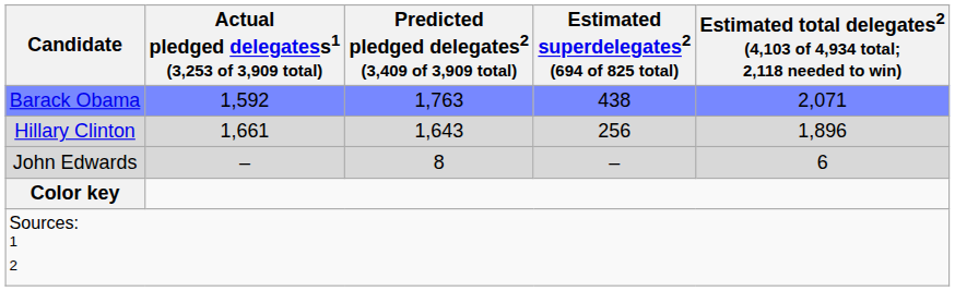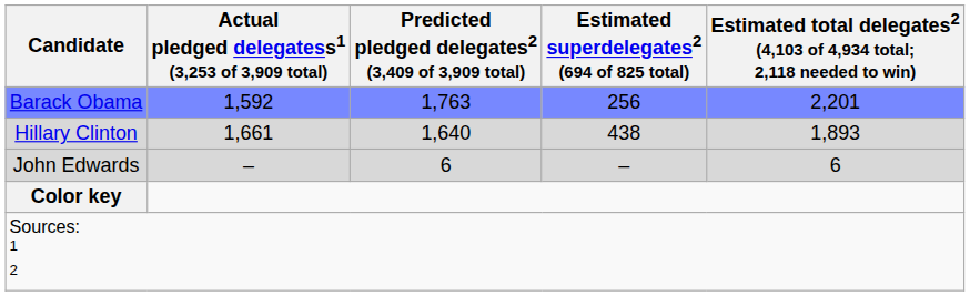 <table class="wikitable" style="margin: 1em auto; text-align:center;">
 <tr>
 <th>Candidate</th>
 <th>Actual<br>pledged <a href='#'>delegates</a>s<sup>1</sup><br><small>(3,253 of 3,909 total)</small></th>
 <th>Predicted<br>pledged delegates<sup>2</sup><br><small>(3,409 of 3,909 total)</small></th>
 <th>Estimated<br><a href='#'>superdelegates</a><sup>2</sup><br><small>(694 of 825 total)</small></th>
 <th>Estimated total delegates<sup>2</sup><br><small>(4,103 of 4,934 total;<br>2,118 needed to win)</small></th>
 </tr>
 <tr style="background:#7788FF;">
 <td><a href='#'>Barack Obama</a></td>
 <td>1,592</td>
 <td>1,763</td>
-<td>438</td>
-<td>2,071</td>
+<td>256</td>
+<td>2,201</td>
 </tr>
 <tr style="background:#D8D8D8;">
 <td><a href='#'>Hillary Clinton</a></td>
 <td>1,661</td>
-<td>1,643</td>
-<td>256</td>
-<td>1,896</td>
+<td>1,640</td>
+<td>438</td>
+<td>1,893</td>
 </tr>
 <tr style="background:#D8D8D8;">
 <td>John Edwards</td>
 <td>–</td>
-<td>8</td>
+<td>6</td>
 <td>–</td>
 <td>6</td>
 </tr>
 <tr>
 <th>Color key</th>
 <td colspan="4" style="text-align:left;"><br> </td>
 </tr>
 <tr>
 <td colspan="5" style="text-align:left;font-size:90%;">Sources:<br><sup>1</sup> <br><sup>2</sup> </td>
 </tr>
 </table>
